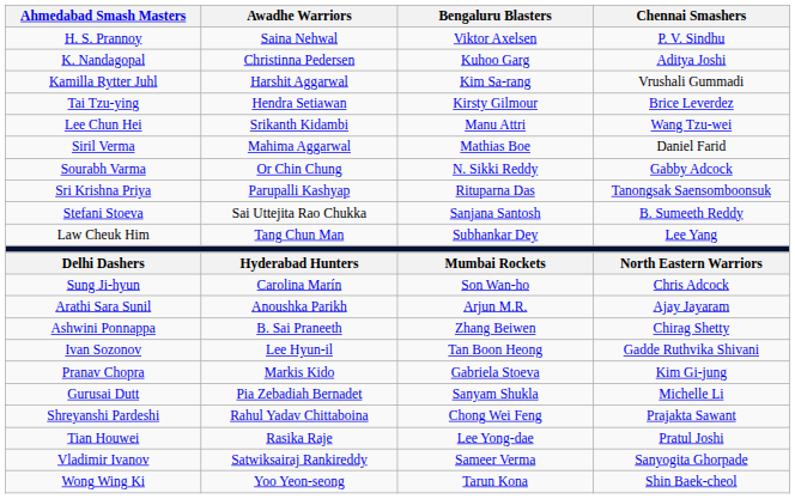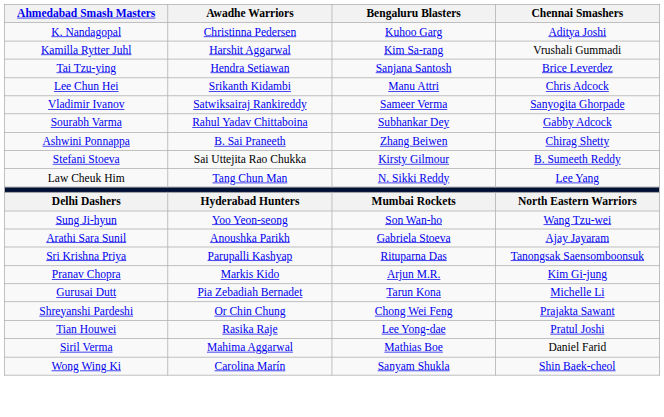 <table class="wikitable" style="text-align:center;">
 <tr>
 <th style="width: 220px;"><a href='#'>Ahmedabad Smash Masters</a></th>
 <th style="width: 220px;">Awadhe Warriors</th>
 <th style="width: 220px;">Bengaluru Blasters</th>
 <th style="width: 220px;">Chennai Smashers</th>
-</tr>
-<tr>
-<td> <a href='#'>H. S. Prannoy</a></td>
-<td> <a href='#'>Saina Nehwal</a></td>
-<td> <a href='#'>Viktor Axelsen</a></td>
-<td> <a href='#'>P. V. Sindhu</a></td>
 </tr>
 <tr>
 <td> <a href='#'>K. Nandagopal</a></td>
 <td> <a href='#'>Christinna Pedersen</a></td>
 <td> <a href='#'>Kuhoo Garg</a></td>
 <td> <a href='#'>Aditya Joshi</a></td>
 </tr>
 <tr>
 <td> <a href='#'>Kamilla Rytter Juhl</a></td>
 <td> <a href='#'>Harshit Aggarwal</a></td>
 <td> <a href='#'>Kim Sa-rang</a></td>
 <td> Vrushali Gummadi</td>
 </tr>
 <tr>
 <td> <a href='#'>Tai Tzu-ying</a></td>
 <td> <a href='#'>Hendra Setiawan</a></td>
-<td> <a href='#'>Kirsty Gilmour</a></td>
+<td> <a href='#'>Sanjana Santosh</a></td>
 <td> <a href='#'>Brice Leverdez</a></td>
 </tr>
 <tr>
 <td> <a href='#'>Lee Chun Hei</a></td>
 <td> <a href='#'>Srikanth Kidambi</a></td>
 <td> <a href='#'>Manu Attri</a></td>
-<td> <a href='#'>Wang Tzu-wei</a></td>
+<td> <a href='#'>Chris Adcock</a></td>
 </tr>
 <tr>
-<td> <a href='#'>Siril Verma</a></td>
-<td> <a href='#'>Mahima Aggarwal</a></td>
-<td> <a href='#'>Mathias Boe</a></td>
-<td> Daniel Farid</td>
+<td> <a href='#'>Vladimir Ivanov</a></td>
+<td> <a href='#'>Satwiksairaj Rankireddy</a></td>
+<td> <a href='#'>Sameer Verma</a></td>
+<td> <a href='#'>Sanyogita Ghorpade</a></td>
 </tr>
 <tr>
 <td> <a href='#'>Sourabh Varma</a></td>
-<td> <a href='#'>Or Chin Chung</a></td>
-<td> <a href='#'>N. Sikki Reddy</a></td>
+<td> <a href='#'>Rahul Yadav Chittaboina</a></td>
+<td> <a href='#'>Subhankar Dey</a></td>
 <td> <a href='#'>Gabby Adcock</a></td>
 </tr>
 <tr>
-<td> <a href='#'>Sri Krishna Priya</a></td>
-<td> <a href='#'>Parupalli Kashyap</a></td>
-<td> <a href='#'>Rituparna Das</a></td>
-<td> <a href='#'>Tanongsak Saensomboonsuk</a></td>
+<td> <a href='#'>Ashwini Ponnappa</a></td>
+<td> <a href='#'>B. Sai Praneeth</a></td>
+<td> <a href='#'>Zhang Beiwen</a></td>
+<td> <a href='#'>Chirag Shetty</a></td>
 </tr>
 <tr>
 <td> <a href='#'>Stefani Stoeva</a></td>
 <td> Sai Uttejita Rao Chukka</td>
-<td> <a href='#'>Sanjana Santosh</a></td>
+<td> <a href='#'>Kirsty Gilmour</a></td>
 <td> <a href='#'>B. Sumeeth Reddy</a></td>
 </tr>
 <tr>
 <td> Law Cheuk Him</td>
 <td> <a href='#'>Tang Chun Man</a></td>
-<td> <a href='#'>Subhankar Dey</a></td>
+<td> <a href='#'>N. Sikki Reddy</a></td>
 <td> <a href='#'>Lee Yang</a></td>
 </tr>
 <tr>
 <td colspan="4" style="background:#013;"></td>
 </tr>
 <tr>
 <th>Delhi Dashers</th>
 <th>Hyderabad Hunters</th>
 <th>Mumbai Rockets</th>
 <th>North Eastern Warriors</th>
 </tr>
 <tr>
 <td> <a href='#'>Sung Ji-hyun</a></td>
-<td> <a href='#'>Carolina Marín</a></td>
+<td> <a href='#'>Yoo Yeon-seong</a></td>
 <td> <a href='#'>Son Wan-ho</a></td>
-<td> <a href='#'>Chris Adcock</a></td>
+<td> <a href='#'>Wang Tzu-wei</a></td>
 </tr>
 <tr>
 <td> <a href='#'>Arathi Sara Sunil</a></td>
 <td> <a href='#'>Anoushka Parikh</a></td>
-<td> <a href='#'>Arjun M.R.</a></td>
+<td> <a href='#'>Gabriela Stoeva</a></td>
 <td> <a href='#'>Ajay Jayaram</a></td>
 </tr>
 <tr>
-<td> <a href='#'>Ashwini Ponnappa</a></td>
-<td> <a href='#'>B. Sai Praneeth</a></td>
-<td> <a href='#'>Zhang Beiwen</a></td>
-<td> <a href='#'>Chirag Shetty</a></td>
-</tr>
-<tr>
-<td> <a href='#'>Ivan Sozonov</a></td>
-<td> <a href='#'>Lee Hyun-il</a></td>
-<td> <a href='#'>Tan Boon Heong</a></td>
-<td> <a href='#'>Gadde Ruthvika Shivani</a></td>
+<td> <a href='#'>Sri Krishna Priya</a></td>
+<td> <a href='#'>Parupalli Kashyap</a></td>
+<td> <a href='#'>Rituparna Das</a></td>
+<td> <a href='#'>Tanongsak Saensomboonsuk</a></td>
 </tr>
 <tr>
 <td> <a href='#'>Pranav Chopra</a></td>
 <td> <a href='#'>Markis Kido</a></td>
-<td> <a href='#'>Gabriela Stoeva</a></td>
+<td> <a href='#'>Arjun M.R.</a></td>
 <td> <a href='#'>Kim Gi-jung</a></td>
 </tr>
 <tr>
 <td> <a href='#'>Gurusai Dutt</a></td>
 <td> <a href='#'>Pia Zebadiah Bernadet</a></td>
-<td> <a href='#'>Sanyam Shukla</a></td>
+<td> <a href='#'>Tarun Kona</a></td>
 <td> <a href='#'>Michelle Li</a></td>
 </tr>
 <tr>
 <td> <a href='#'>Shreyanshi Pardeshi</a></td>
-<td> <a href='#'>Rahul Yadav Chittaboina</a></td>
+<td> <a href='#'>Or Chin Chung</a></td>
 <td> <a href='#'>Chong Wei Feng</a></td>
 <td> <a href='#'>Prajakta Sawant</a></td>
 </tr>
 <tr>
 <td> <a href='#'>Tian Houwei</a></td>
 <td> <a href='#'>Rasika Raje</a></td>
 <td> <a href='#'>Lee Yong-dae</a></td>
 <td> <a href='#'>Pratul Joshi</a></td>
 </tr>
 <tr>
-<td> <a href='#'>Vladimir Ivanov</a></td>
-<td> <a href='#'>Satwiksairaj Rankireddy</a></td>
-<td> <a href='#'>Sameer Verma</a></td>
-<td> <a href='#'>Sanyogita Ghorpade</a></td>
+<td> <a href='#'>Siril Verma</a></td>
+<td> <a href='#'>Mahima Aggarwal</a></td>
+<td> <a href='#'>Mathias Boe</a></td>
+<td> Daniel Farid</td>
 </tr>
 <tr>
 <td> <a href='#'>Wong Wing Ki</a></td>
-<td> <a href='#'>Yoo Yeon-seong</a></td>
-<td> <a href='#'>Tarun Kona</a></td>
+<td> <a href='#'>Carolina Marín</a></td>
+<td> <a href='#'>Sanyam Shukla</a></td>
 <td> <a href='#'>Shin Baek-cheol</a></td>
 </tr>
 </table>
